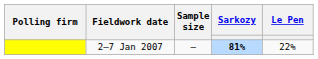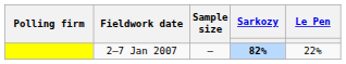 <table class="wikitable sortable" style="text-align:center;font-size:90%;line-height:14px;">
 <tr style="height:40px;">
 <th style="width:100px;" rowspan="2">Polling firm</th>
 <th style="width:110px;" rowspan="2">Fieldwork date</th>
 <th style="width:35px;" rowspan="2">Sample<br>size</th>
 <th class="unsortable" style="width:60px;"><a href='#'>Sarkozy</a><br></th>
 <th class="unsortable" style="width:60px;"><a href='#'>Le Pen</a><br></th>
 </tr>
 <tr>
 <th style="background:"></th>
 <th style="background:"></th>
 </tr>
 <tr>
 <td style="background:yellow;"></td>
 <td data-sort-value="2007-01-07">2–7 Jan 2007</td>
 <td>–</td>
-<td style="background:#B9DAFF;"><strong>81%</strong></td>
+<td style="background:#B9DAFF;"><strong>82%</strong></td>
 <td>22%</td>
 </tr>
 </table>
